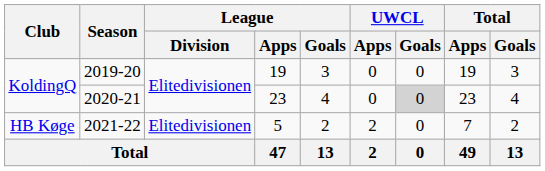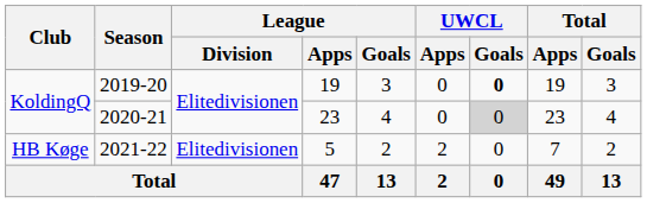 <table class="wikitable" style="text-align:center">
 <tr>
 <th rowspan="2">Club</th>
 <th rowspan="2">Season</th>
 <th colspan="3">League</th>
 <th colspan="2"><a href='#'>UWCL</a></th>
 <th colspan="2">Total</th>
 </tr>
 <tr>
 <th>Division</th>
 <th>Apps</th>
 <th>Goals</th>
 <th>Apps</th>
 <th>Goals</th>
 <th>Apps</th>
 <th>Goals</th>
 </tr>
 <tr>
 <td rowspan="2"><a href='#'>KoldingQ</a></td>
 <td>2019-20</td>
 <td rowspan="2"><a href='#'>Elitedivisionen</a></td>
 <td>19</td>
 <td>3</td>
 <td>0</td>
-<td>0</td>
+<td><strong>0</strong></td>
 <td>19</td>
 <td>3</td>
 </tr>
 <tr>
 <td>2020-21</td>
 <td>23</td>
 <td>4</td>
 <td>0</td>
 <td style="background: lightgrey;">0</td>
 <td>23</td>
 <td>4</td>
 </tr>
 <tr>
 <td><a href='#'>HB Køge</a></td>
 <td>2021-22</td>
 <td><a href='#'>Elitedivisionen</a></td>
 <td>5</td>
 <td>2</td>
 <td>2</td>
 <td>0</td>
 <td>7</td>
 <td>2</td>
 </tr>
 <tr>
 <th colspan="3">Total</th>
 <th>47</th>
 <th>13</th>
 <th>2</th>
 <th>0</th>
 <th>49</th>
 <th>13</th>
 </tr>
 </table>
